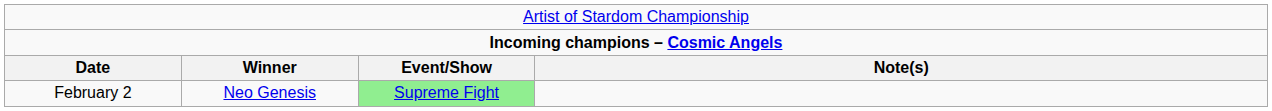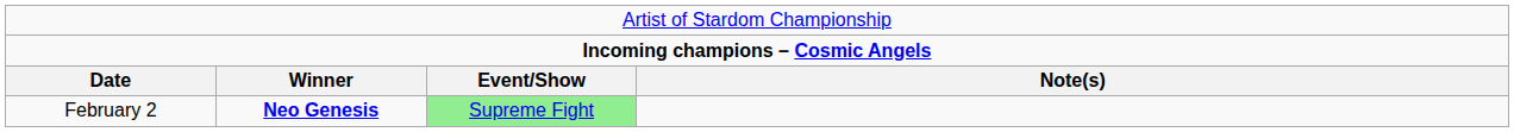 <table class="wikitable" style="text-align:center; width:100%;">
 <tr>
 <td colspan="4" style="text-align: center;"><a href='#'>Artist of Stardom Championship</a></td>
 </tr>
 <tr>
 <td colspan="4" style="text-align: center;"><strong>Incoming champions – <a href='#'>Cosmic Angels</a> </strong></td>
 </tr>
 <tr>
 <th width=14%>Date</th>
 <th width=14%>Winner</th>
 <th width=14%>Event/Show</th>
 <th width=58%>Note(s)</th>
 </tr>
 <tr>
 <td>February 2</td>
-<td><a href='#'>Neo Genesis</a><br></td>
+<td><strong><a href='#'>Neo Genesis</a><br></strong></td>
 <td style="background: lightgreen;"><a href='#'>Supreme Fight</a></td>
 <td></td>
 </tr>
 </table>
